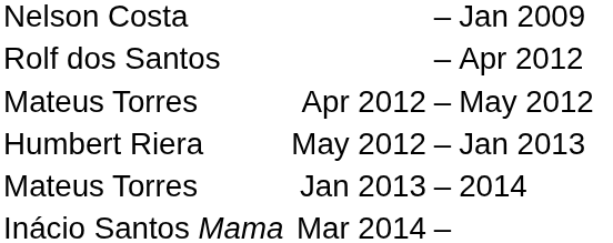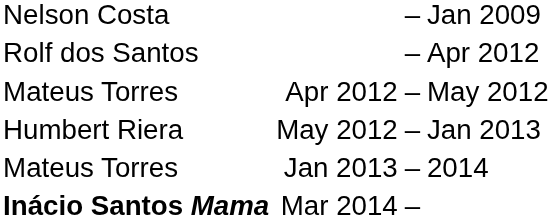 <table border="0">
 <tr>
 <td></td>
 <td>Nelson Costa</td>
 <td align="right"></td>
 <td>–</td>
 <td align="left">Jan 2009</td>
 </tr>
 <tr>
 <td></td>
 <td>Rolf dos Santos</td>
 <td align="right"></td>
 <td>–</td>
 <td align="left">Apr 2012</td>
 </tr>
 <tr>
 <td></td>
 <td>Mateus Torres</td>
 <td align="right">Apr 2012</td>
 <td>–</td>
 <td align="left">May 2012</td>
 </tr>
 <tr>
 <td></td>
 <td>Humbert Riera</td>
 <td align="right">May 2012</td>
 <td>–</td>
 <td align="left">Jan 2013</td>
 </tr>
 <tr>
 <td></td>
 <td>Mateus Torres</td>
 <td align="right">Jan 2013</td>
 <td>–</td>
 <td align="left">2014</td>
 </tr>
 <tr>
 <td></td>
-<td>Inácio Santos <em>Mama</em></td>
+<td><strong>Inácio Santos <em>Mama</em></strong></td>
 <td align="right">Mar 2014</td>
 <td>–</td>
 </tr>
 <tr>
 </tr>
 </table>
